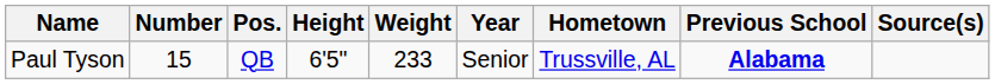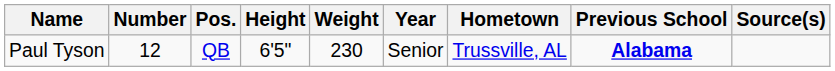 <table class="wikitable sortable" border="1" style="text-align: center;">
 <tr align=center>
 <th>Name</th>
 <th>Number</th>
 <th>Pos.</th>
 <th>Height</th>
 <th>Weight</th>
 <th>Year</th>
 <th>Hometown</th>
 <th>Previous School</th>
 <th>Source(s)</th>
 </tr>
 <tr>
 <td>Paul Tyson</td>
-<td>15</td>
+<td>12</td>
 <td><a href='#'>QB</a></td>
 <td>6'5"</td>
-<td>233</td>
+<td>230</td>
 <td> Senior</td>
 <td><a href='#'>Trussville, AL</a></td>
 <td><strong><a href='#'>Alabama</a></strong></td>
 <td></td>
 </tr>
 </table>
